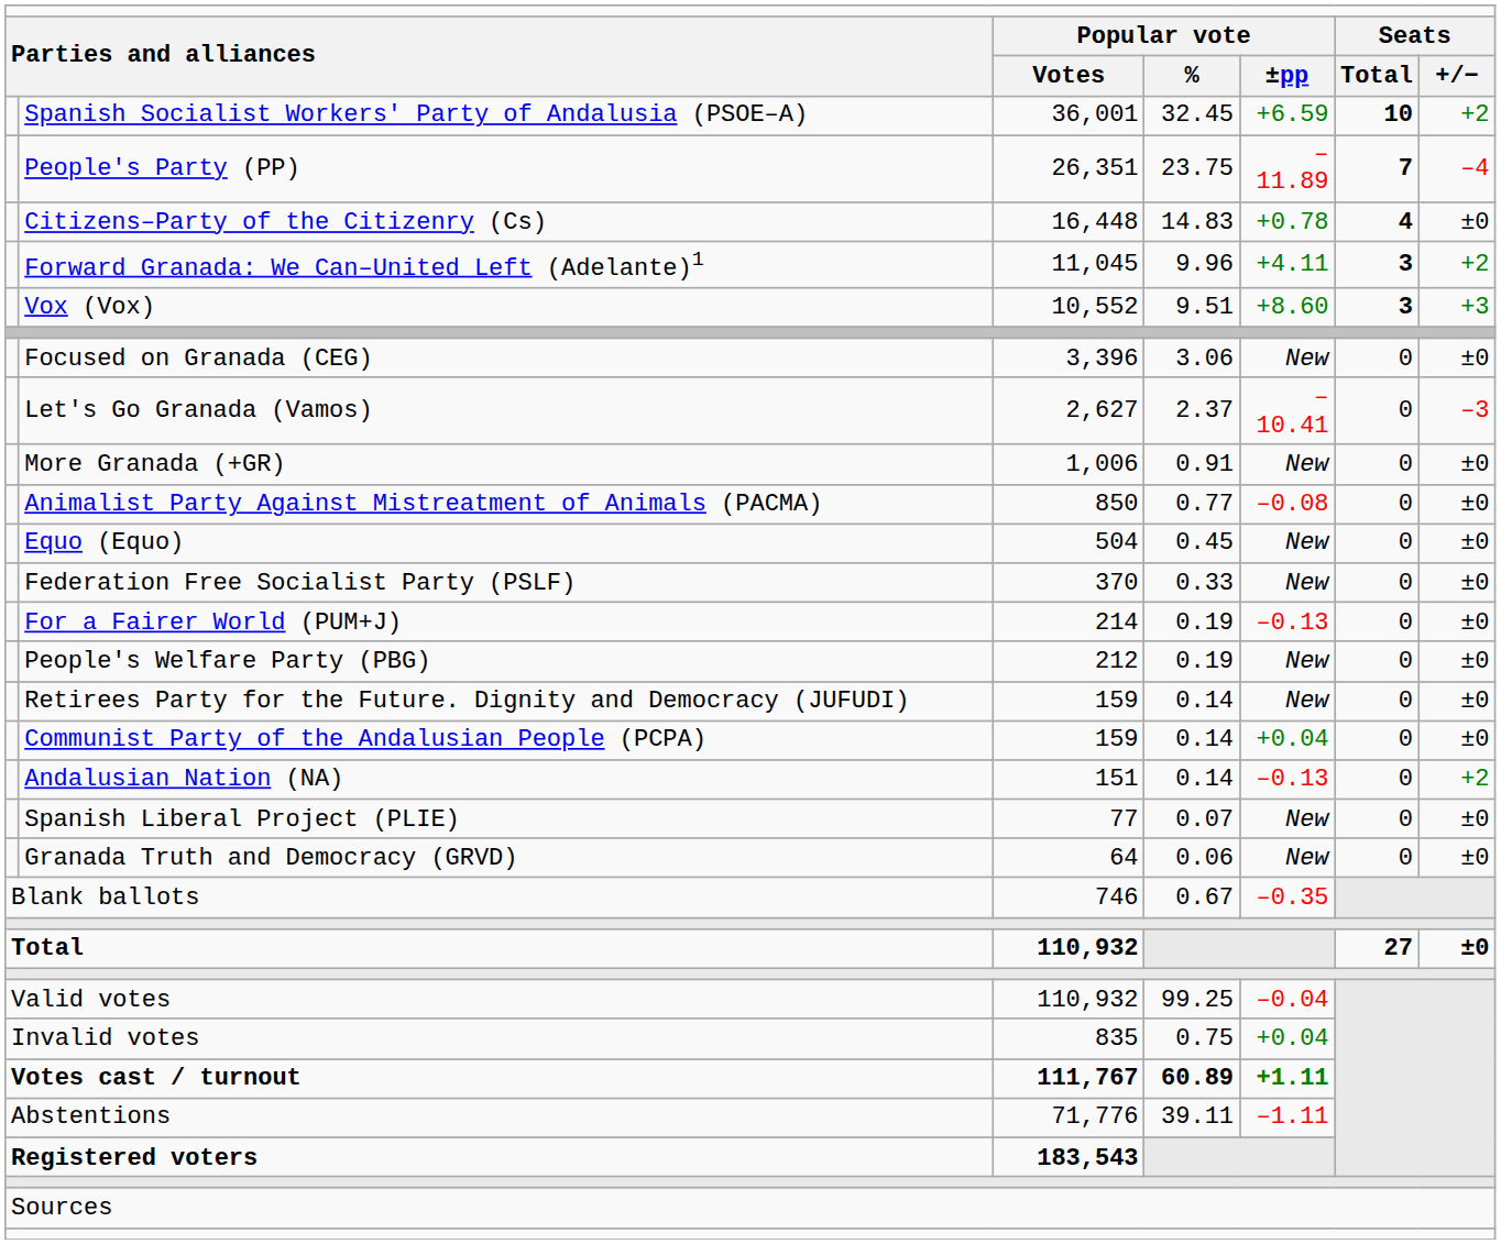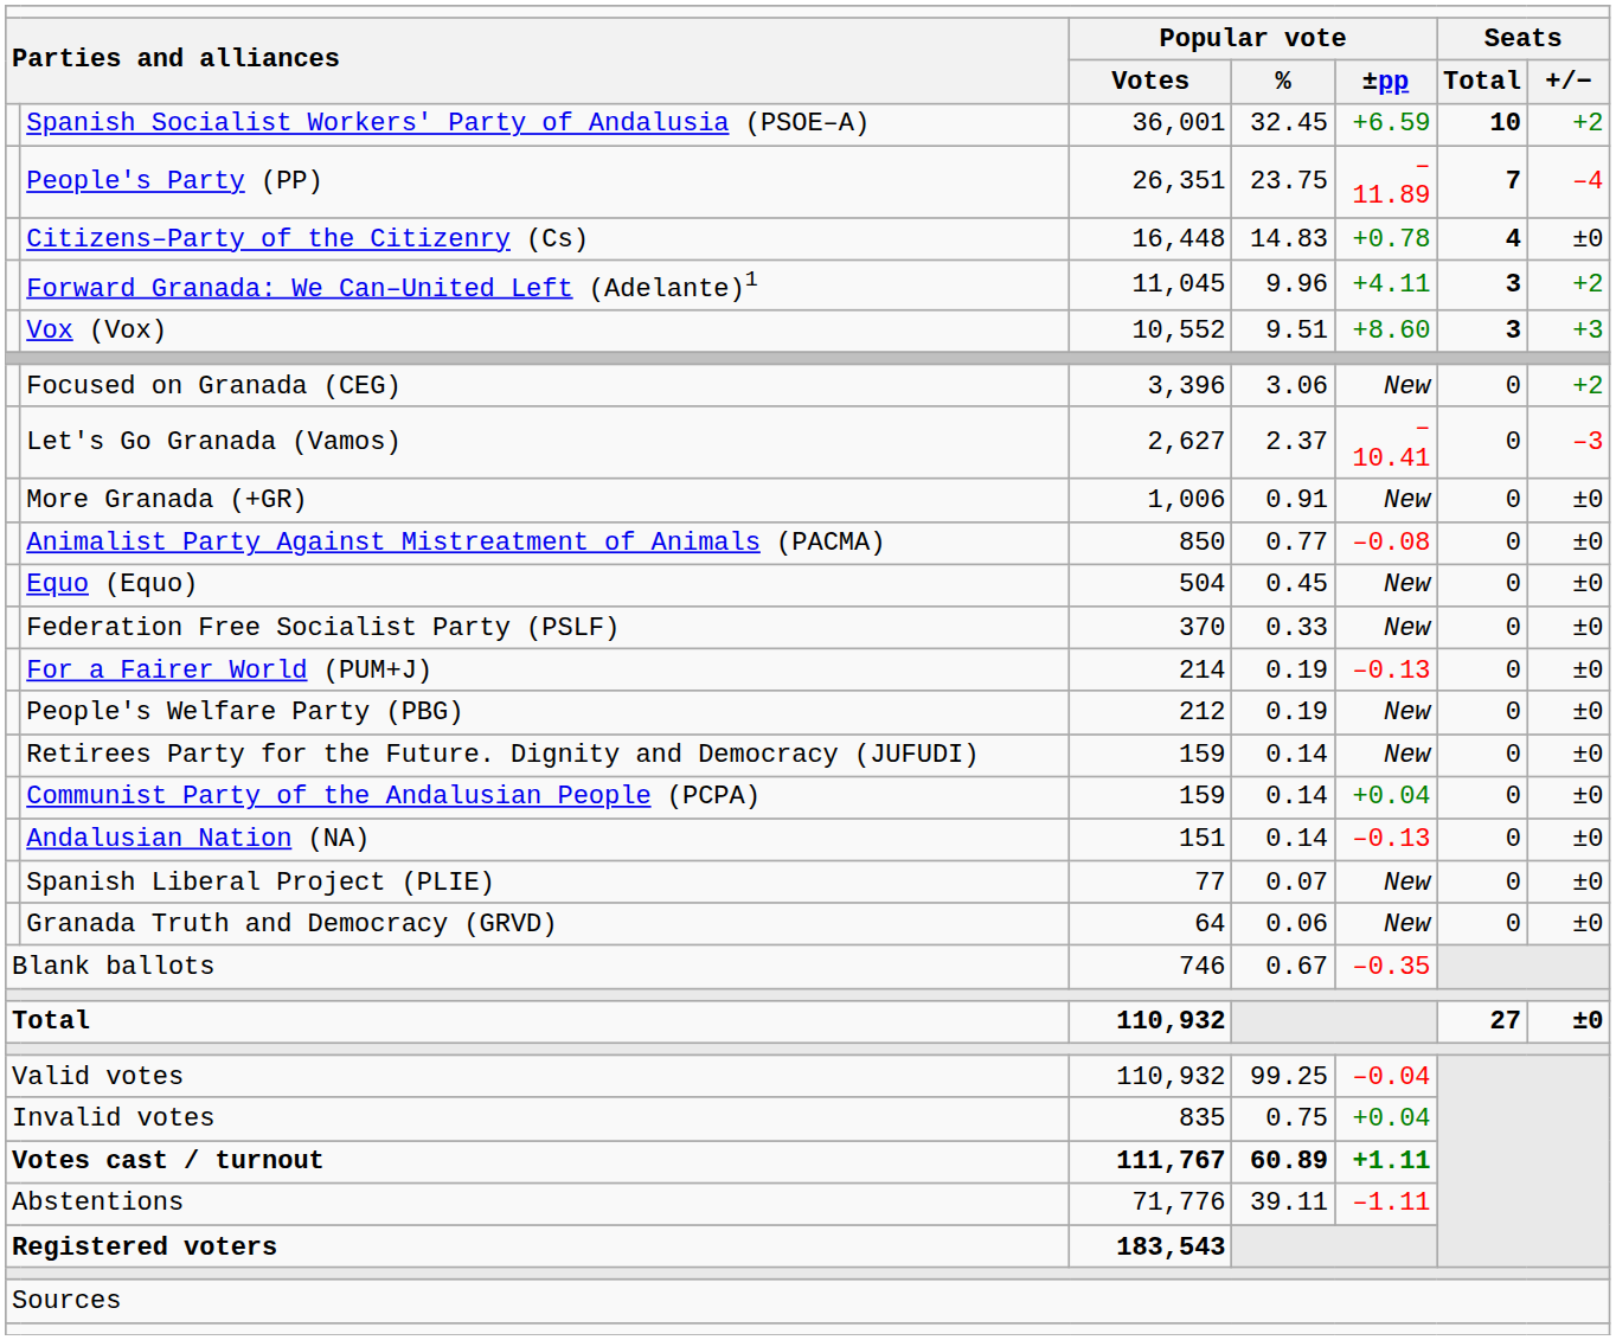 <table class="wikitable" style="text-align:right;">
 <tr>
 <td colspan="7"></td>
 </tr>
 <tr>
 <th style="text-align:left;" rowspan="2" colspan="2" width="525">Parties and alliances</th>
 <th colspan="3">Popular vote</th>
 <th colspan="2">Seats</th>
 </tr>
 <tr>
 <th width="75">Votes</th>
 <th width="45">%</th>
 <th width="45">±<a href='#'>pp</a></th>
 <th width="35">Total</th>
 <th width="35">+/−</th>
 </tr>
 <tr>
 <td width="1" style="color:inherit;background:"></td>
 <td align="left"><a href='#'>Spanish Socialist Workers' Party of Andalusia</a> (PSOE–A)</td>
 <td>36,001</td>
 <td>32.45</td>
 <td style="color:green;">+6.59</td>
 <td><strong>10</strong></td>
 <td style="color:green;">+2</td>
 </tr>
 <tr>
 <td style="color:inherit;background:"></td>
 <td align="left"><a href='#'>People's Party</a> (PP)</td>
 <td>26,351</td>
 <td>23.75</td>
 <td style="color:red;">–11.89</td>
 <td><strong>7</strong></td>
 <td style="color:red;">–4</td>
 </tr>
 <tr>
 <td style="color:inherit;background:"></td>
 <td align="left"><a href='#'>Citizens–Party of the Citizenry</a> (Cs)</td>
 <td>16,448</td>
 <td>14.83</td>
 <td style="color:green;">+0.78</td>
 <td><strong>4</strong></td>
 <td>±0</td>
 </tr>
 <tr>
 <td style="color:inherit;background:"></td>
 <td align="left"><a href='#'>Forward Granada: We Can–United Left</a> (Adelante)<sup>1</sup></td>
 <td>11,045</td>
 <td>9.96</td>
 <td style="color:green;">+4.11</td>
 <td><strong>3</strong></td>
 <td style="color:green;">+2</td>
 </tr>
 <tr>
 <td style="color:inherit;background:"></td>
 <td align="left"><a href='#'>Vox</a> (Vox)</td>
 <td>10,552</td>
 <td>9.51</td>
 <td style="color:green;">+8.60</td>
 <td><strong>3</strong></td>
 <td style="color:green;">+3</td>
 </tr>
 <tr>
 <td colspan="7" bgcolor="#C0C0C0"></td>
 </tr>
 <tr>
 <td style="color:inherit;background:"></td>
 <td align="left">Focused on Granada (CEG)</td>
 <td>3,396</td>
 <td>3.06</td>
 <td><em>New</em></td>
 <td>0</td>
-<td>±0</td>
+<td style="color:green;">+2</td>
 </tr>
 <tr>
 <td style="color:inherit;background:"></td>
 <td align="left">Let's Go Granada (Vamos)</td>
 <td>2,627</td>
 <td>2.37</td>
 <td style="color:red;">–10.41</td>
 <td>0</td>
 <td style="color:red;">–3</td>
 </tr>
 <tr>
 <td style="color:inherit;background:"></td>
 <td align="left">More Granada (+GR)</td>
 <td>1,006</td>
 <td>0.91</td>
 <td><em>New</em></td>
 <td>0</td>
 <td>±0</td>
 </tr>
 <tr>
 <td style="color:inherit;background:"></td>
 <td align="left"><a href='#'>Animalist Party Against Mistreatment of Animals</a> (PACMA)</td>
 <td>850</td>
 <td>0.77</td>
 <td style="color:red;">–0.08</td>
 <td>0</td>
 <td>±0</td>
 </tr>
 <tr>
 <td style="color:inherit;background:"></td>
 <td align="left"><a href='#'>Equo</a> (Equo)</td>
 <td>504</td>
 <td>0.45</td>
 <td><em>New</em></td>
 <td>0</td>
 <td>±0</td>
 </tr>
 <tr>
 <td style="color:inherit;background:"></td>
 <td align="left">Federation Free Socialist Party (PSLF)</td>
 <td>370</td>
 <td>0.33</td>
 <td><em>New</em></td>
 <td>0</td>
 <td>±0</td>
 </tr>
 <tr>
 <td style="color:inherit;background:"></td>
 <td align="left"><a href='#'>For a Fairer World</a> (PUM+J)</td>
 <td>214</td>
 <td>0.19</td>
 <td style="color:red;">–0.13</td>
 <td>0</td>
 <td>±0</td>
 </tr>
 <tr>
 <td style="color:inherit;background:"></td>
 <td align="left">People's Welfare Party (PBG)</td>
 <td>212</td>
 <td>0.19</td>
 <td><em>New</em></td>
 <td>0</td>
 <td>±0</td>
 </tr>
 <tr>
 <td style="color:inherit;background:"></td>
 <td align="left">Retirees Party for the Future. Dignity and Democracy (JUFUDI)</td>
 <td>159</td>
 <td>0.14</td>
 <td><em>New</em></td>
 <td>0</td>
 <td>±0</td>
 </tr>
 <tr>
 <td style="color:inherit;background:"></td>
 <td align="left"><a href='#'>Communist Party of the Andalusian People</a> (PCPA)</td>
 <td>159</td>
 <td>0.14</td>
 <td style="color:green;">+0.04</td>
 <td>0</td>
 <td>±0</td>
 </tr>
 <tr>
 <td style="color:inherit;background:"></td>
 <td align="left"><a href='#'>Andalusian Nation</a> (NA)</td>
 <td>151</td>
 <td>0.14</td>
 <td style="color:red;">–0.13</td>
 <td>0</td>
-<td style="color:green;">+2</td>
+<td>±0</td>
 </tr>
 <tr>
 <td style="color:inherit;background:"></td>
 <td align="left">Spanish Liberal Project (PLIE)</td>
 <td>77</td>
 <td>0.07</td>
 <td><em>New</em></td>
 <td>0</td>
 <td>±0</td>
 </tr>
 <tr>
 <td style="color:inherit;background:"></td>
 <td align="left">Granada Truth and Democracy (GRVD)</td>
 <td>64</td>
 <td>0.06</td>
 <td><em>New</em></td>
 <td>0</td>
 <td>±0</td>
 </tr>
 <tr>
 <td align="left" colspan="2">Blank ballots</td>
 <td>746</td>
 <td>0.67</td>
 <td style="color:red;">–0.35</td>
 <td bgcolor="#E9E9E9" colspan="2"></td>
 </tr>
 <tr>
 <td colspan="7" bgcolor="#E9E9E9"></td>
 </tr>
 <tr style="font-weight:bold;">
 <td align="left" colspan="2">Total</td>
 <td>110,932</td>
 <td bgcolor="#E9E9E9" colspan="2"></td>
 <td>27</td>
 <td>±0</td>
 </tr>
 <tr>
 <td colspan="7" bgcolor="#E9E9E9"></td>
 </tr>
 <tr>
 <td align="left" colspan="2">Valid votes</td>
 <td>110,932</td>
 <td>99.25</td>
 <td style="color:red;">–0.04</td>
 <td bgcolor="#E9E9E9" colspan="2" rowspan="5"></td>
 </tr>
 <tr>
 <td align="left" colspan="2">Invalid votes</td>
 <td>835</td>
 <td>0.75</td>
 <td style="color:green;">+0.04</td>
 </tr>
 <tr style="font-weight:bold;">
 <td align="left" colspan="2">Votes cast / turnout</td>
 <td>111,767</td>
 <td>60.89</td>
 <td style="color:green;">+1.11</td>
 </tr>
 <tr>
 <td align="left" colspan="2">Abstentions</td>
 <td>71,776</td>
 <td>39.11</td>
 <td style="color:red;">–1.11</td>
 </tr>
 <tr style="font-weight:bold;">
 <td align="left" colspan="2">Registered voters</td>
 <td>183,543</td>
 <td bgcolor="#E9E9E9" colspan="2"></td>
 </tr>
 <tr>
 <td colspan="7" bgcolor="#E9E9E9"></td>
 </tr>
 <tr>
 <td align="left" colspan="7">Sources</td>
 </tr>
 <tr>
 <td colspan="7" style="text-align:left; max-width:790px;"></td>
 </tr>
 </table>
